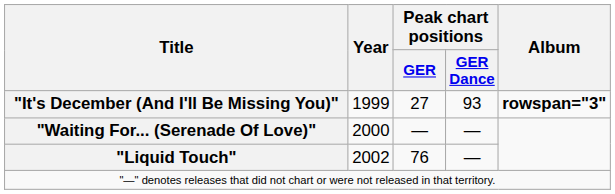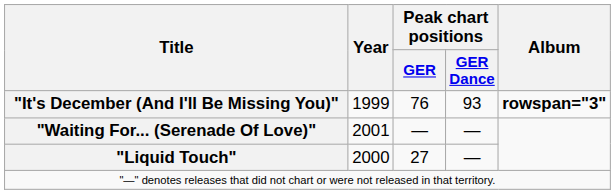 <table class="wikitable plainrowheaders" style="text-align:center;" border="1">
 <tr>
 <th scope="col" rowspan="2" style="width:20em;">Title</th>
 <th scope="col" rowspan="2">Year</th>
 <th scope="col" colspan="2">Peak chart positions</th>
 <th scope="col" rowspan="2">Album</th>
 </tr>
 <tr>
 <th scope="col" style="width:3em;font-size:90%;"><a href='#'>GER</a><br></th>
 <th scope="col" style="width:3em;font-size:90%;"><a href='#'>GER<br>Dance</a><br></th>
 </tr>
 <tr>
 <th scope="row">"It's December (And I'll Be Missing You)"</th>
 <td>1999</td>
-<td>27</td>
+<td>76</td>
 <td>93</td>
 <td><strong>rowspan="3" </strong></td>
 </tr>
 <tr>
 <th scope="row">"Waiting For... (Serenade Of Love)"</th>
-<td>2000</td>
+<td>2001</td>
 <td>—</td>
 <td>—</td>
 </tr>
 <tr>
 <th scope="row">"Liquid Touch"</th>
-<td>2002</td>
-<td>76</td>
+<td>2000</td>
+<td>27</td>
 <td>—</td>
 </tr>
 <tr>
 <td align="center" colspan="15" style="font-size:8pt">"—" denotes releases that did not chart or were not released in that territory.</td>
 </tr>
 </table>
